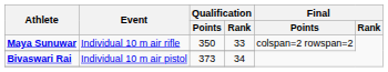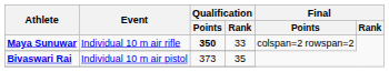 <table class="wikitable" style="font-size:90%">
 <tr>
 <th rowspan="2">Athlete</th>
 <th rowspan="2">Event</th>
 <th colspan=2>Qualification</th>
 <th colspan=2>Final</th>
 </tr>
 <tr style="font-size:95%">
 <th>Points</th>
 <th>Rank</th>
 <th>Points</th>
 <th>Rank</th>
 </tr>
 <tr align=center>
 <td align=left><strong><a href='#'>Maya Sunuwar</a></strong></td>
 <td align=left><a href='#'>Individual 10 m air rifle</a></td>
-<td>350</td>
+<td><strong>350</strong></td>
 <td>33</td>
 <td>colspan=2 rowspan=2 </td>
 </tr>
 <tr>
 </tr>
 <tr align=center>
 <td align=left><strong><a href='#'>Bivaswari Rai</a></strong></td>
 <td align=left><a href='#'>Individual 10 m air pistol</a></td>
 <td>373</td>
-<td>34</td>
+<td>35</td>
 </tr>
 <tr>
 </tr>
 </table>
